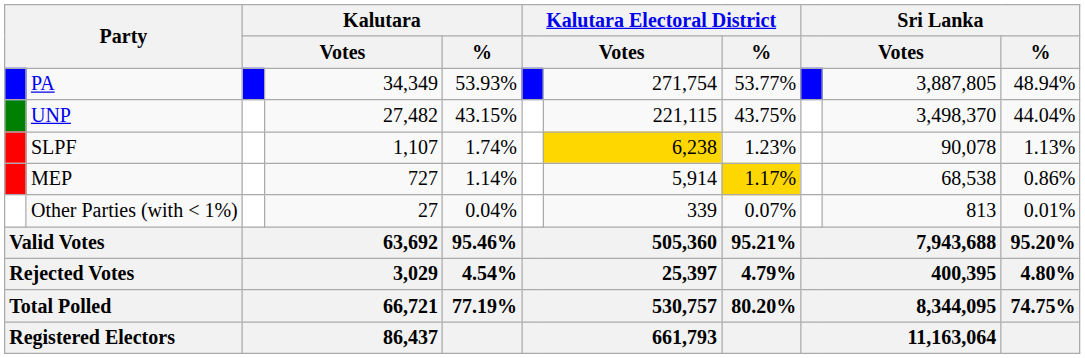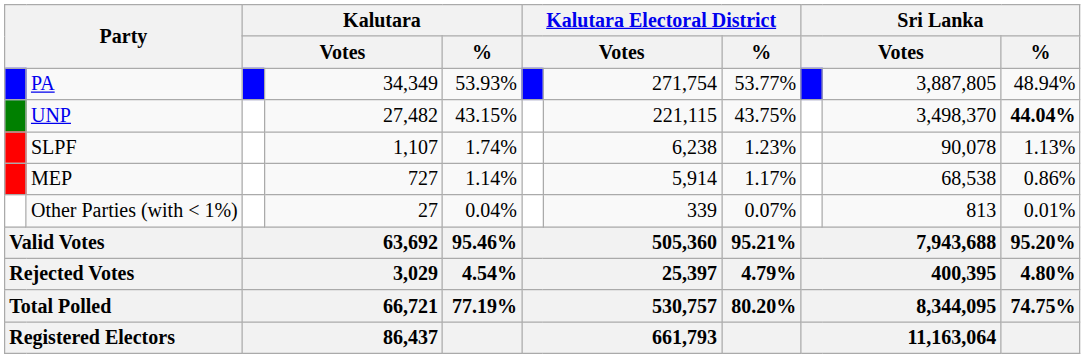 <table class="wikitable">
 <tr>
 <th colspan="2" width="144px"rowspan="2">Party</th>
 <th colspan="3" width="216px">Kalutara</th>
 <th colspan="3" width="216px"><a href='#'>Kalutara Electoral District</a></th>
 <th colspan="3" width="216px">Sri Lanka</th>
 </tr>
 <tr>
 <th colspan="2" width="144px">Votes</th>
 <th>%</th>
 <th colspan="2" width="144px">Votes</th>
 <th>%</th>
 <th colspan="2" width="144px">Votes</th>
 <th>%</th>
 </tr>
 <tr>
 <td style="background-color:blue;" width="10px"></td>
 <td style="text-align:left;"><a href='#'>PA</a></td>
 <td style="background-color:blue;" width="10px"></td>
 <td style="text-align:right;">34,349</td>
 <td style="text-align:right;">53.93%</td>
 <td style="background-color:blue;" width="10px"></td>
 <td style="text-align:right;">271,754</td>
 <td style="text-align:right;">53.77%</td>
 <td style="background-color:blue;" width="10px"></td>
 <td style="text-align:right;">3,887,805</td>
 <td style="text-align:right;">48.94%</td>
 </tr>
 <tr>
 <td style="background-color:green;" width="10px"></td>
 <td style="text-align:left;"><a href='#'>UNP</a></td>
 <td style="background-color:white;" width="10px"></td>
 <td style="text-align:right;">27,482</td>
 <td style="text-align:right;">43.15%</td>
 <td style="background-color:white;" width="10px"></td>
 <td style="text-align:right;">221,115</td>
 <td style="text-align:right;">43.75%</td>
 <td style="background-color:white;" width="10px"></td>
 <td style="text-align:right;">3,498,370</td>
-<td style="text-align:right;">44.04%</td>
+<td style="text-align:right;"><strong>44.04%</strong></td>
 </tr>
 <tr>
 <td style="background-color:red;" width="10px"></td>
 <td style="text-align:left;">SLPF</td>
 <td style="background-color:white;" width="10px"></td>
 <td style="text-align:right;">1,107</td>
 <td style="text-align:right;">1.74%</td>
 <td style="background-color:white;" width="10px"></td>
-<td style="background: gold; text-align:right;">6,238</td>
+<td style="text-align:right;">6,238</td>
 <td style="text-align:right;">1.23%</td>
 <td style="background-color:white;" width="10px"></td>
 <td style="text-align:right;">90,078</td>
 <td style="text-align:right;">1.13%</td>
 </tr>
 <tr>
 <td style="background-color:red;" width="10px"></td>
 <td style="text-align:left;">MEP</td>
 <td style="background-color:white;" width="10px"></td>
 <td style="text-align:right;">727</td>
 <td style="text-align:right;">1.14%</td>
 <td style="background-color:white;" width="10px"></td>
 <td style="text-align:right;">5,914</td>
-<td style="background: gold; text-align:right;">1.17%</td>
+<td style="text-align:right;">1.17%</td>
 <td style="background-color:white;" width="10px"></td>
 <td style="text-align:right;">68,538</td>
 <td style="text-align:right;">0.86%</td>
 </tr>
 <tr>
 <td style="background-color:white;" width="10px"></td>
 <td style="text-align:left;">Other Parties (with < 1%)</td>
 <td style="background-color:white;" width="10px"></td>
 <td style="text-align:right;">27</td>
 <td style="text-align:right;">0.04%</td>
 <td style="background-color:white;" width="10px"></td>
 <td style="text-align:right;">339</td>
 <td style="text-align:right;">0.07%</td>
 <td style="background-color:white;" width="10px"></td>
 <td style="text-align:right;">813</td>
 <td style="text-align:right;">0.01%</td>
 </tr>
 <tr>
 <th colspan="2" width="144px"style="text-align:left;">Valid Votes</th>
 <th style="text-align:right;"colspan="2" width="144px">63,692</th>
 <th style="text-align:right;">95.46%</th>
 <th style="text-align:right;"colspan="2" width="144px">505,360</th>
 <th style="text-align:right;">95.21%</th>
 <th style="text-align:right;"colspan="2" width="144px">7,943,688</th>
 <th style="text-align:right;">95.20%</th>
 </tr>
 <tr>
 <th colspan="2" width="144px"style="text-align:left;">Rejected Votes</th>
 <th style="text-align:right;"colspan="2" width="144px">3,029</th>
 <th style="text-align:right;">4.54%</th>
 <th style="text-align:right;"colspan="2" width="144px">25,397</th>
 <th style="text-align:right;">4.79%</th>
 <th style="text-align:right;"colspan="2" width="144px">400,395</th>
 <th style="text-align:right;">4.80%</th>
 </tr>
 <tr>
 <th colspan="2" width="144px"style="text-align:left;">Total Polled</th>
 <th style="text-align:right;"colspan="2" width="144px">66,721</th>
 <th style="text-align:right;">77.19%</th>
 <th style="text-align:right;"colspan="2" width="144px">530,757</th>
 <th style="text-align:right;">80.20%</th>
 <th style="text-align:right;"colspan="2" width="144px">8,344,095</th>
 <th style="text-align:right;">74.75%</th>
 </tr>
 <tr>
 <th colspan="2" width="144px"style="text-align:left;">Registered Electors</th>
 <th style="text-align:right;"colspan="2" width="144px">86,437</th>
 <th></th>
 <th style="text-align:right;"colspan="2" width="144px">661,793</th>
 <th></th>
 <th style="text-align:right;"colspan="2" width="144px">11,163,064</th>
 <th></th>
 </tr>
 </table>
